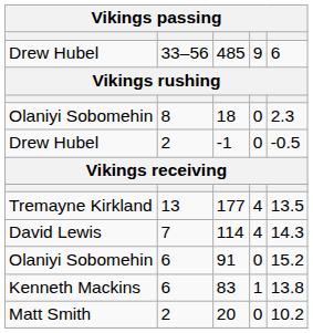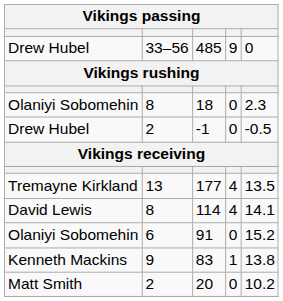 <table class="wikitable plainrowheaders">
 <tr>
 <th colspan="6">Vikings passing</th>
 </tr>
 <tr>
 <th scope="col"></th>
 <th scope="col"></th>
 <th scope="col"></th>
 <th scope="col"></th>
 <th scope="col"></th>
 </tr>
 <tr>
 <td>Drew Hubel</td>
 <td>33–56</td>
 <td>485</td>
 <td>9</td>
-<td>6</td>
+<td>0</td>
 </tr>
 <tr>
 <th colspan="6">Vikings rushing</th>
 </tr>
 <tr>
 <th scope="col"></th>
 <th scope="col"></th>
 <th scope="col"></th>
 <th scope="col"></th>
 <th scope="col"></th>
 </tr>
 <tr>
 <td>Olaniyi Sobomehin</td>
 <td>8</td>
 <td>18</td>
 <td>0</td>
 <td>2.3</td>
 </tr>
 <tr>
 <td>Drew Hubel</td>
 <td>2</td>
 <td>-1</td>
 <td>0</td>
 <td>-0.5</td>
 </tr>
 <tr>
 <th colspan="6">Vikings receiving</th>
 </tr>
 <tr>
 </tr>
 <tr>
 <th scope="col"></th>
 <th scope="col"></th>
 <th scope="col"></th>
 <th scope="col"></th>
 <th scope="col"></th>
 </tr>
 <tr>
 <td>Tremayne Kirkland</td>
 <td>13</td>
 <td>177</td>
 <td>4</td>
 <td>13.5</td>
 </tr>
 <tr>
 <td>David Lewis</td>
-<td>7</td>
+<td>8</td>
 <td>114</td>
 <td>4</td>
-<td>14.3</td>
+<td>14.1</td>
 </tr>
 <tr>
 <td>Olaniyi Sobomehin</td>
 <td>6</td>
 <td>91</td>
 <td>0</td>
 <td>15.2</td>
 </tr>
 <tr>
 <td>Kenneth Mackins</td>
-<td>6</td>
+<td>9</td>
 <td>83</td>
 <td>1</td>
 <td>13.8</td>
 </tr>
 <tr>
 <td>Matt Smith</td>
 <td>2</td>
 <td>20</td>
 <td>0</td>
 <td>10.2</td>
 </tr>
 <tr>
 </tr>
 </table>
